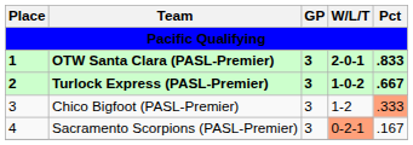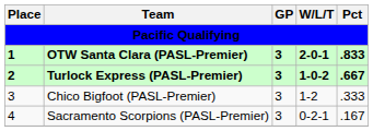 <table class="wikitable">
 <tr>
 <th>Place</th>
 <th>Team</th>
 <th>GP</th>
 <th>W/L/T</th>
 <th>Pct</th>
 </tr>
 <tr>
 <th style=background-color:blue colspan=9><span>Pacific Qualifying</span></th>
 </tr>
 <tr>
 </tr>
 <tr bgcolor=#ccffcc>
 <td><strong>1</strong></td>
 <td><strong>OTW Santa Clara (PASL-Premier)</strong></td>
 <td><strong>3</strong></td>
 <td><strong>2-0-1</strong></td>
 <td><strong>.833</strong></td>
 </tr>
 <tr bgcolor=#ccffcc>
 <td><strong>2</strong></td>
 <td><strong>Turlock Express (PASL-Premier)</strong></td>
 <td><strong>3</strong></td>
 <td><strong>1-0-2</strong></td>
 <td><strong>.667</strong></td>
 </tr>
 <tr>
 <td>3</td>
 <td>Chico Bigfoot (PASL-Premier)</td>
 <td>3</td>
 <td>1-2</td>
-<td style="background: lightsalmon;">.333</td>
+<td>.333</td>
 </tr>
 <tr>
 <td>4</td>
 <td>Sacramento Scorpions (PASL-Premier)</td>
 <td>3</td>
-<td style="background: lightsalmon;">0-2-1</td>
+<td>0-2-1</td>
 <td>.167</td>
 </tr>
 <tr>
 </tr>
 </table>
